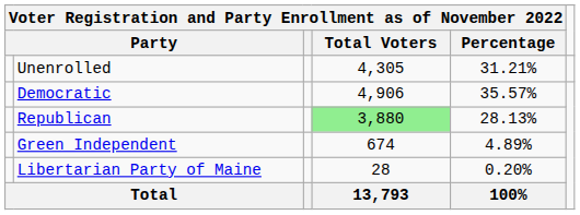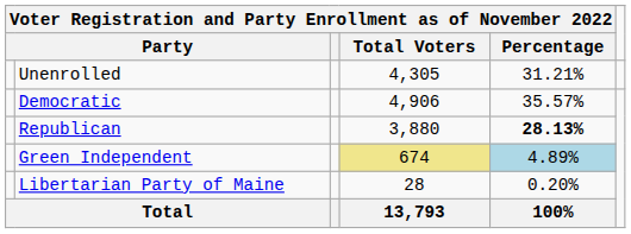 <table class=wikitable>
 <tr>
 <th colspan="5">Voter Registration and Party Enrollment as of November 2022</th>
 </tr>
 <tr>
 <th colspan = 2>Party</th>
 <th></th>
 <th>Total Voters</th>
 <th>Percentage</th>
 </tr>
 <tr>
 <td></td>
 <td>Unenrolled</td>
 <td></td>
 <td align="center">4,305</td>
 <td align="center">31.21%</td>
 <td></td>
 </tr>
 <tr>
 <td></td>
 <td><a href='#'>Democratic</a></td>
 <td></td>
 <td align="center">4,906</td>
 <td align="center">35.57%</td>
 </tr>
 <tr>
 <td></td>
 <td><a href='#'>Republican</a></td>
 <td></td>
-<td align="center" style="background: lightgreen;">3,880</td>
-<td align="center">28.13%</td>
+<td align="center">3,880</td>
+<td align="center"><strong>28.13%</strong></td>
 </tr>
 <tr>
 <td></td>
 <td><a href='#'>Green Independent</a></td>
 <td></td>
-<td align="center">674</td>
-<td align="center">4.89%</td>
+<td align="center" style="background: khaki;">674</td>
+<td align="center" style="background: lightblue;">4.89%</td>
 </tr>
 <tr>
 <td></td>
 <td><a href='#'>Libertarian Party of Maine</a></td>
 <td></td>
 <td align="center">28</td>
 <td align="center">0.20%</td>
 </tr>
 <tr>
 <th colspan="2">Total</th>
 <th></th>
 <th align="center">13,793</th>
 <th align="center">100%</th>
 </tr>
 </table>
